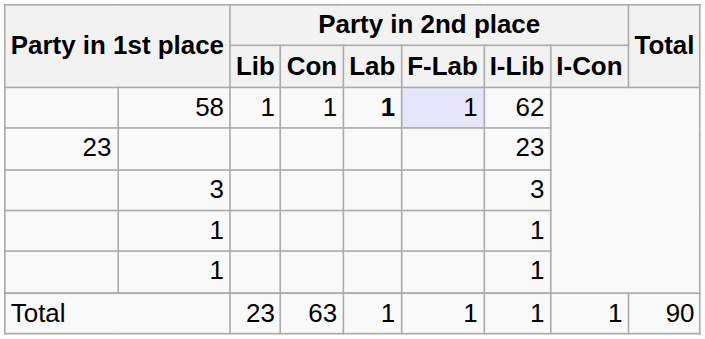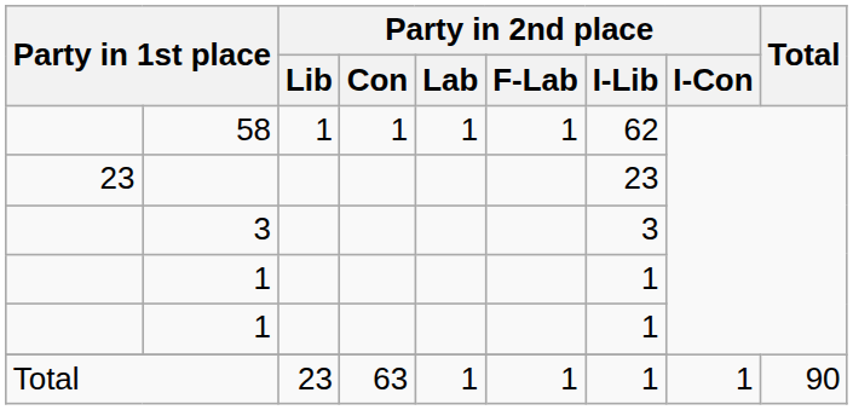 <table class="wikitable" style="text-align:right;">
 <tr>
 <th rowspan="2" colspan="2" style="text-align:left;">Party in 1st place</th>
 <th colspan="6">Party in 2nd place</th>
 <th rowspan="2">Total</th>
 </tr>
 <tr>
 <th>Lib</th>
 <th>Con</th>
 <th>Lab</th>
 <th>F-Lab</th>
 <th>I-Lib</th>
 <th>I-Con</th>
 </tr>
 <tr>
 <td></td>
 <td>58</td>
 <td>1</td>
 <td>1</td>
-<td><strong>1</strong></td>
-<td style="background: lavender;">1</td>
+<td>1</td>
+<td>1</td>
 <td>62</td>
 </tr>
 <tr>
 <td>23</td>
 <td></td>
 <td></td>
 <td></td>
 <td></td>
 <td></td>
 <td>23</td>
 </tr>
 <tr>
 <td></td>
 <td>3</td>
 <td></td>
 <td></td>
 <td></td>
 <td></td>
 <td>3</td>
 </tr>
 <tr>
 <td></td>
 <td>1</td>
 <td></td>
 <td></td>
 <td></td>
 <td></td>
 <td>1</td>
 </tr>
 <tr>
 <td></td>
 <td>1</td>
 <td></td>
 <td></td>
 <td></td>
 <td></td>
 <td>1</td>
 </tr>
 <tr>
 </tr>
 <tr>
 <td colspan="2" style="text-align:left;">Total</td>
 <td>23</td>
 <td>63</td>
 <td>1</td>
 <td>1</td>
 <td>1</td>
 <td>1</td>
 <td>90</td>
 </tr>
 </table>
